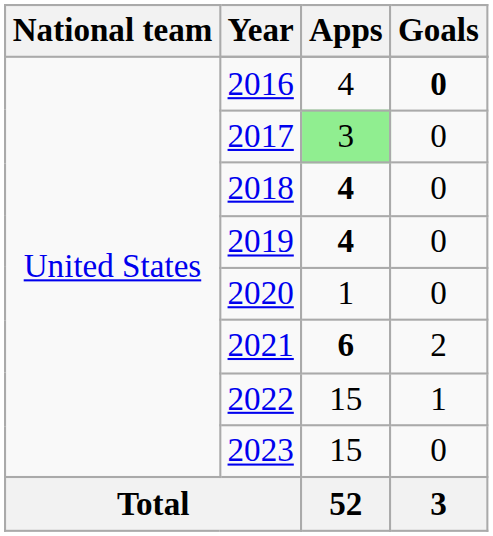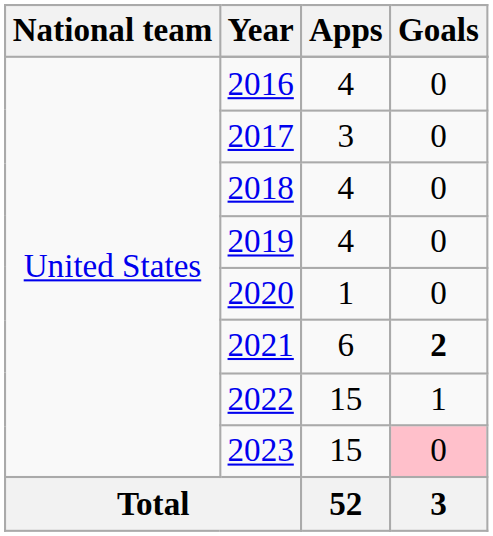 <table class="wikitable" style="text-align:center">
 <tr>
 <th>National team</th>
 <th>Year</th>
 <th>Apps</th>
 <th>Goals</th>
 </tr>
 <tr>
 <td rowspan=9><a href='#'>United States</a></td>
 </tr>
 <tr>
 <td><a href='#'>2016</a></td>
 <td>4</td>
-<td><strong>0</strong></td>
+<td>0</td>
 </tr>
 <tr>
 <td><a href='#'>2017</a></td>
-<td style="background: lightgreen;">3</td>
+<td>3</td>
 <td>0</td>
 </tr>
 <tr>
 <td><a href='#'>2018</a></td>
-<td><strong>4</strong></td>
+<td>4</td>
 <td>0</td>
 </tr>
 <tr>
 <td><a href='#'>2019</a></td>
-<td><strong>4</strong></td>
+<td>4</td>
 <td>0</td>
 </tr>
 <tr>
 <td><a href='#'>2020</a></td>
 <td>1</td>
 <td>0</td>
 </tr>
 <tr>
 <td><a href='#'>2021</a></td>
-<td><strong>6</strong></td>
-<td>2</td>
+<td>6</td>
+<td><strong>2</strong></td>
 </tr>
 <tr>
 <td><a href='#'>2022</a></td>
 <td>15</td>
 <td>1</td>
 </tr>
 <tr>
 <td><a href='#'>2023</a></td>
 <td>15</td>
-<td>0</td>
+<td style="background: pink;">0</td>
 </tr>
 <tr>
 <th colspan=2>Total</th>
 <th>52</th>
 <th>3</th>
 </tr>
 </table>
